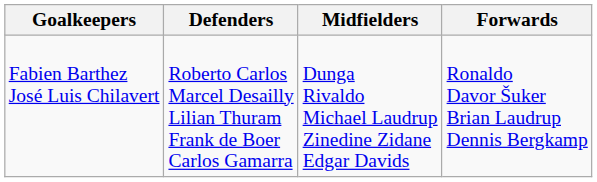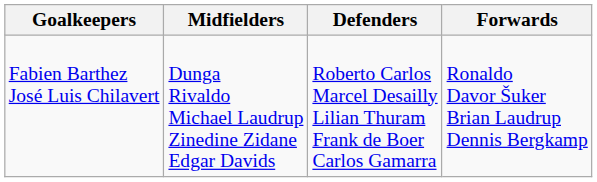 <table class="wikitable" style="margin:0 auto">
 <tr>
 <th>Goalkeepers</th>
+<th>Midfielders</th>
 <th>Defenders</th>
-<th>Midfielders</th>
 <th>Forwards</th>
 </tr>
 <tr>
 <td align=left valign=top><br> <a href='#'>Fabien Barthez</a> <br>  <a href='#'>José Luis Chilavert</a></td>
+<td align=left valign=top><br> <a href='#'>Dunga</a><br>  <a href='#'>Rivaldo</a><br>  <a href='#'>Michael Laudrup</a> <br>  <a href='#'>Zinedine Zidane</a><br>  <a href='#'>Edgar Davids</a></td>
 <td align=left valign=top><br> <a href='#'>Roberto Carlos</a> <br>  <a href='#'>Marcel Desailly</a><br>  <a href='#'>Lilian Thuram</a><br>  <a href='#'>Frank de Boer</a><br>  <a href='#'>Carlos Gamarra</a></td>
-<td align=left valign=top><br> <a href='#'>Dunga</a><br>  <a href='#'>Rivaldo</a><br>  <a href='#'>Michael Laudrup</a> <br>  <a href='#'>Zinedine Zidane</a><br>  <a href='#'>Edgar Davids</a></td>
 <td align=left valign=top><br> <a href='#'>Ronaldo</a> <br>  <a href='#'>Davor Šuker</a><br>  <a href='#'>Brian Laudrup</a><br>  <a href='#'>Dennis Bergkamp</a></td>
 </tr>
 </table>
